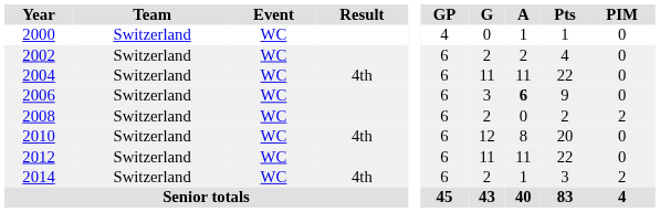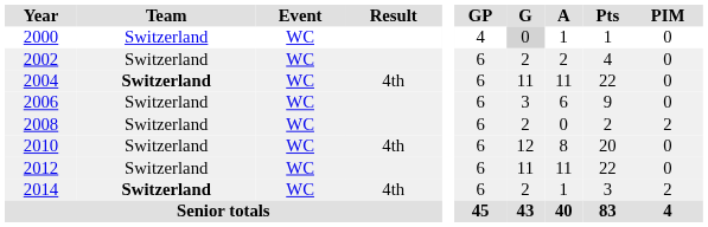 <table border="0" cellpadding="1" cellspacing="0" style="text-align:center; width:40em">
 <tr ALIGN="center" bgcolor="#e0e0e0">
 <th>Year</th>
 <th>Team</th>
 <th>Event</th>
 <th>Result</th>
 <th rowspan="99" bgcolor="#ffffff"> </th>
 <th>GP</th>
 <th>G</th>
 <th>A</th>
 <th>Pts</th>
 <th>PIM</th>
 </tr>
 <tr ALIGN="center">
 <td><a href='#'>2000</a></td>
 <td><a href='#'>Switzerland</a></td>
 <td><a href='#'>WC</a></td>
 <td></td>
 <td>4</td>
-<td>0</td>
+<td style="background: lightgrey;">0</td>
 <td>1</td>
 <td>1</td>
 <td>0</td>
 </tr>
 <tr ALIGN="center" bgcolor="#f0f0f0">
 <td><a href='#'>2002</a></td>
 <td>Switzerland</td>
 <td><a href='#'>WC</a></td>
 <td></td>
 <td>6</td>
 <td>2</td>
 <td>2</td>
 <td>4</td>
 <td>0</td>
 </tr>
 <tr ALIGN="center" bgcolor="#f0f0f0">
 <td><a href='#'>2004</a></td>
-<td>Switzerland</td>
+<td><strong>Switzerland</strong></td>
 <td><a href='#'>WC</a></td>
 <td>4th</td>
 <td>6</td>
 <td>11</td>
 <td>11</td>
 <td>22</td>
 <td>0</td>
 </tr>
 <tr ALIGN="center" bgcolor="#f0f0f0">
 <td><a href='#'>2006</a></td>
 <td>Switzerland</td>
 <td><a href='#'>WC</a></td>
 <td></td>
 <td>6</td>
 <td>3</td>
-<td><strong>6</strong></td>
+<td>6</td>
 <td>9</td>
 <td>0</td>
 </tr>
 <tr ALIGN="center" bgcolor="#f0f0f0">
 <td><a href='#'>2008</a></td>
 <td>Switzerland</td>
 <td><a href='#'>WC</a></td>
 <td></td>
 <td>6</td>
 <td>2</td>
 <td>0</td>
 <td>2</td>
 <td>2</td>
 </tr>
 <tr ALIGN="center" bgcolor="#f0f0f0">
 <td><a href='#'>2010</a></td>
 <td>Switzerland</td>
 <td><a href='#'>WC</a></td>
 <td>4th</td>
 <td>6</td>
 <td>12</td>
 <td>8</td>
 <td>20</td>
 <td>0</td>
 </tr>
 <tr ALIGN="center" bgcolor="#f0f0f0">
 <td><a href='#'>2012</a></td>
 <td>Switzerland</td>
 <td><a href='#'>WC</a></td>
 <td></td>
 <td>6</td>
 <td>11</td>
 <td>11</td>
 <td>22</td>
 <td>0</td>
 </tr>
 <tr ALIGN="center" bgcolor="#f0f0f0">
 <td><a href='#'>2014</a></td>
-<td>Switzerland</td>
+<td><strong>Switzerland</strong></td>
 <td><a href='#'>WC</a></td>
 <td>4th</td>
 <td>6</td>
 <td>2</td>
 <td>1</td>
 <td>3</td>
 <td>2</td>
 </tr>
 <tr bgcolor="#e0e0e0">
 <th colspan="4">Senior totals</th>
 <th>45</th>
 <th>43</th>
 <th>40</th>
 <th>83</th>
 <th>4</th>
 </tr>
 </table>
